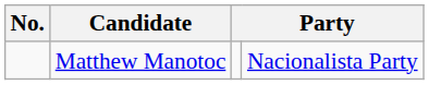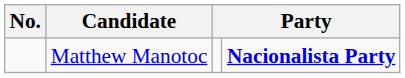 <table class="wikitable sortable" style="text-align:left;">
 <tr>
 <th>No.</th>
 <th>Candidate</th>
 <th colspan="2">Party</th>
 </tr>
 <tr>
 <td></td>
 <td><a href='#'>Matthew Manotoc</a></td>
 <td></td>
-<td><a href='#'>Nacionalista Party</a></td>
+<td><strong><a href='#'>Nacionalista Party</a></strong></td>
 </tr>
 </table>
